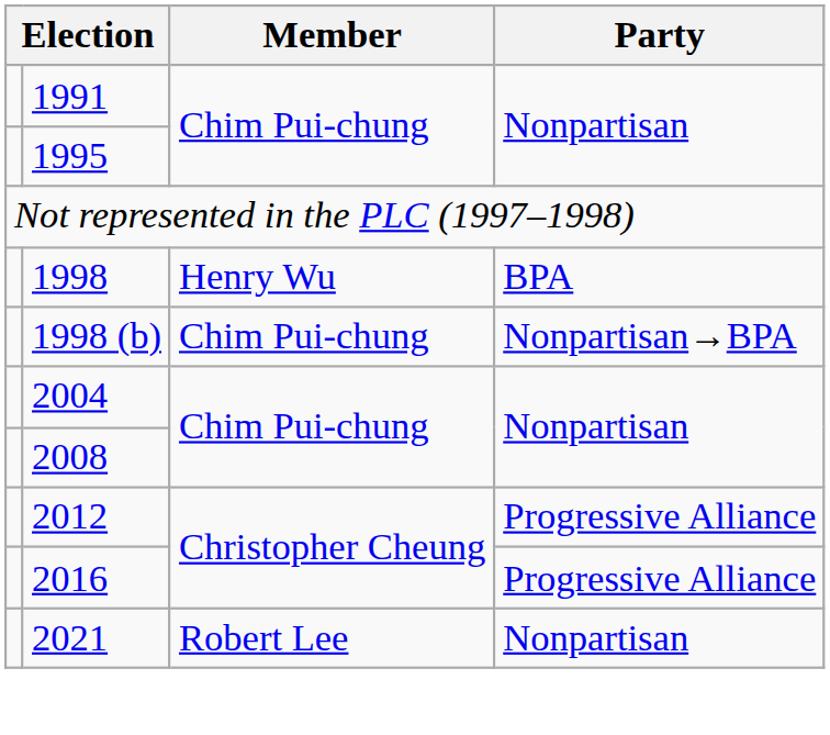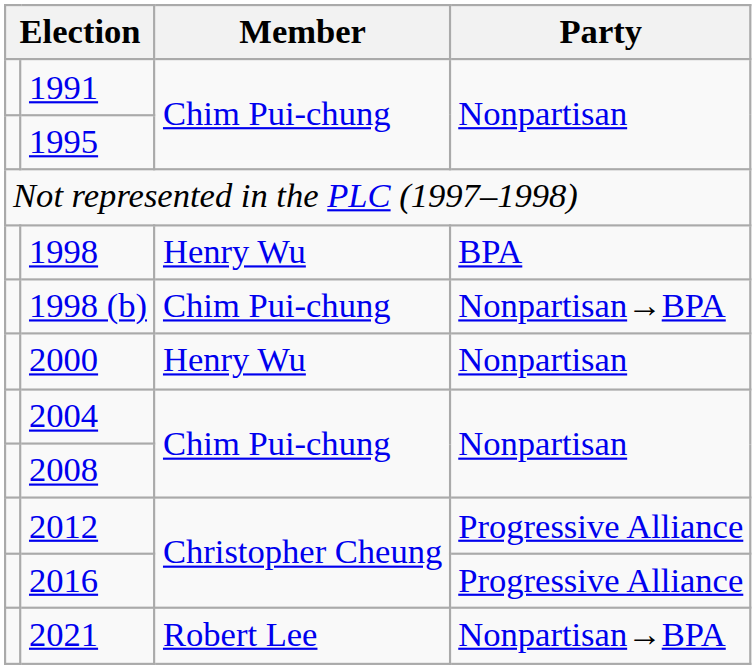 <table class="wikitable">
 <tr>
 <th colspan="2">Election</th>
 <th>Member</th>
 <th>Party</th>
 </tr>
 <tr>
 <td style="background-color: "></td>
 <td><a href='#'>1991</a></td>
 <td rowspan=2><a href='#'>Chim Pui-chung</a></td>
 <td rowspan=2><a href='#'>Nonpartisan</a></td>
 </tr>
 <tr>
 <td style="background-color: "></td>
 <td><a href='#'>1995</a></td>
 </tr>
 <tr>
 <td colspan="4"><em>Not represented in the <a href='#'>PLC</a> (1997–1998)</em></td>
 </tr>
 <tr>
 <td style="background-color: "></td>
 <td><a href='#'>1998</a></td>
 <td><a href='#'>Henry Wu</a></td>
 <td><a href='#'>BPA</a></td>
 </tr>
 <tr>
 <td style="background-color: "></td>
 <td><a href='#'>1998 (b)</a></td>
 <td><a href='#'>Chim Pui-chung</a></td>
 <td><a href='#'>Nonpartisan</a>→<a href='#'>BPA</a></td>
 </tr>
 <tr>
 <td style="background-color: "></td>
+<td><a href='#'>2000</a></td>
+<td><a href='#'>Henry Wu</a></td>
+<td><a href='#'>Nonpartisan</a></td>
+</tr>
+<tr>
+<td style="background-color: "></td>
 <td><a href='#'>2004</a></td>
 <td rowspan=2><a href='#'>Chim Pui-chung</a></td>
 <td rowspan=2><a href='#'>Nonpartisan</a></td>
 </tr>
 <tr>
 <td style="background-color: "></td>
 <td><a href='#'>2008</a></td>
 </tr>
 <tr>
 <td style="background-color: "></td>
 <td><a href='#'>2012</a></td>
 <td rowspan=2><a href='#'>Christopher Cheung</a></td>
 <td><a href='#'>Progressive Alliance</a></td>
 </tr>
 <tr>
 <td style="background-color: "></td>
 <td><a href='#'>2016</a></td>
 <td><a href='#'>Progressive Alliance</a></td>
 </tr>
 <tr>
 <td style="background-color: "></td>
 <td><a href='#'>2021</a></td>
 <td rowspan=2><a href='#'>Robert Lee</a></td>
-<td><a href='#'>Nonpartisan</a></td>
+<td><a href='#'>Nonpartisan</a>→<a href='#'>BPA</a></td>
 </tr>
 </table>
